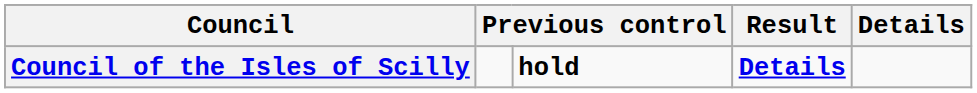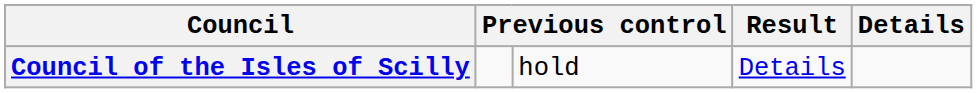 <table class="wikitable sortable" border="1">
 <tr>
 <th scope="col">Council</th>
 <th colspan=2>Previous control</th>
 <th colspan=2>Result</th>
 <th class="unsortable" scope="col">Details</th>
 </tr>
 <tr>
 <th scope="row" style="text-align: left;"><a href='#'>Council of the Isles of Scilly</a></th>
 <td></td>
-<td><strong> hold</strong></td>
-<td><strong><a href='#'>Details</a></strong></td>
+<td> hold</td>
+<td><a href='#'>Details</a></td>
 </tr>
 </table>
